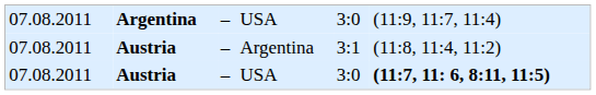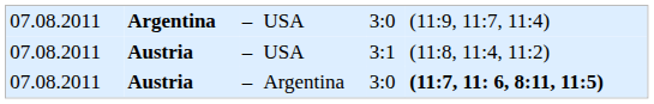 <table style="background:#; border:1px #bbb solid;" cellpadding="3" cellspacing="0" width="40%">
 <tr style="background:#DDEEFF;">
 <td>07.08.2011</td>
 <td><strong>Argentina</strong></td>
 <td>–</td>
 <td>USA</td>
 <td>3:0</td>
 <td>(11:9, 11:7, 11:4)</td>
 </tr>
 <tr style="background:#DDEEFF;">
 <td>07.08.2011</td>
 <td><strong>Austria</strong></td>
 <td>–</td>
-<td>Argentina</td>
+<td>USA</td>
 <td>3:1</td>
 <td>(11:8, 11:4, 11:2)</td>
 </tr>
 <tr style="background:#DDEEFF;">
 <td>07.08.2011</td>
 <td><strong>Austria</strong></td>
 <td>–</td>
-<td>USA</td>
+<td>Argentina</td>
 <td>3:0</td>
 <td><strong>(11:7, 11: 6, 8:11, 11:5)</strong></td>
 </tr>
 </table>
